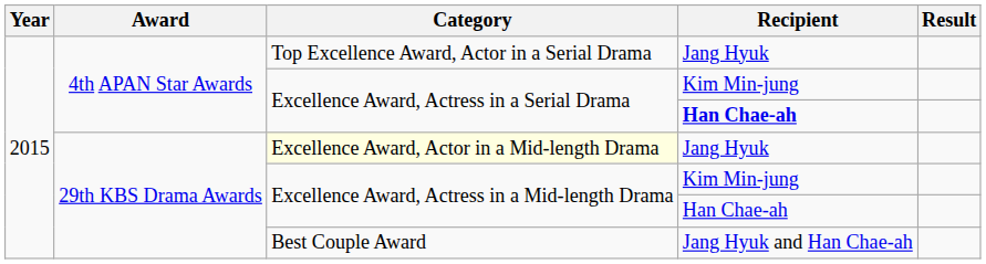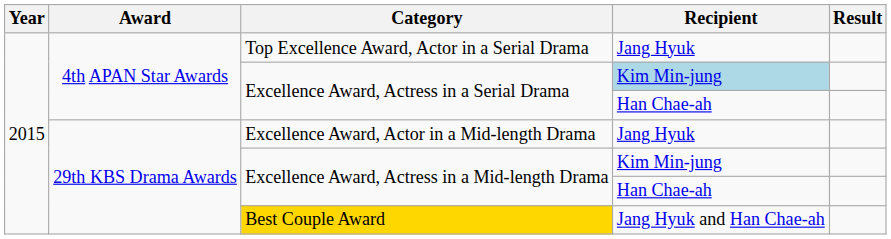 <table class="wikitable">
 <tr>
 <th>Year</th>
 <th>Award</th>
 <th>Category</th>
 <th>Recipient</th>
 <th>Result</th>
 </tr>
 <tr>
 <td rowspan="7">2015</td>
 <td rowspan="3" style="text-align:center"><a href='#'>4th</a> <a href='#'>APAN Star Awards</a></td>
 <td>Top Excellence Award, Actor in a Serial Drama</td>
 <td><a href='#'>Jang Hyuk</a></td>
 <td></td>
 </tr>
 <tr>
 <td rowspan="2">Excellence Award, Actress in a Serial Drama</td>
-<td><a href='#'>Kim Min-jung</a></td>
+<td style="background: lightblue;"><a href='#'>Kim Min-jung</a></td>
 <td></td>
 </tr>
 <tr>
-<td><strong><a href='#'>Han Chae-ah</a></strong></td>
+<td><a href='#'>Han Chae-ah</a></td>
 <td></td>
 </tr>
 <tr>
 <td rowspan="4" style="text-align:center"><a href='#'>29th KBS Drama Awards</a></td>
-<td style="background: lightyellow;">Excellence Award, Actor in a Mid-length Drama</td>
+<td>Excellence Award, Actor in a Mid-length Drama</td>
 <td><a href='#'>Jang Hyuk</a></td>
 <td></td>
 </tr>
 <tr>
 <td rowspan="2">Excellence Award, Actress in a Mid-length Drama</td>
 <td><a href='#'>Kim Min-jung</a></td>
 <td></td>
 </tr>
 <tr>
 <td><a href='#'>Han Chae-ah</a></td>
 <td></td>
 </tr>
 <tr>
-<td>Best Couple Award</td>
+<td style="background: gold;">Best Couple Award</td>
 <td><a href='#'>Jang Hyuk</a> and <a href='#'>Han Chae-ah</a></td>
 <td></td>
 </tr>
 </table>
